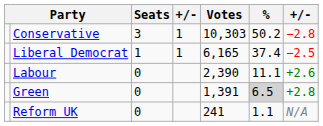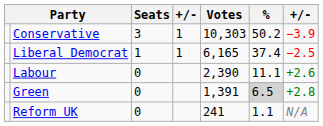 <table class="wikitable sortable">
 <tr>
 <th colspan="2">Party</th>
 <th>Seats</th>
 <th>+/-</th>
 <th>Votes</th>
 <th>%</th>
 <th>+/-</th>
 </tr>
 <tr>
 <td style="background-color: "></td>
 <td><a href='#'>Conservative</a></td>
 <td>3</td>
 <td> 1</td>
 <td>10,303</td>
 <td>50.2</td>
-<td style="color:red">−2.8</td>
+<td style="color:red">−3.9</td>
 </tr>
 <tr>
 <td style="background-color: "></td>
 <td><a href='#'>Liberal Democrat</a></td>
 <td>1</td>
 <td> 1</td>
 <td>6,165</td>
 <td>37.4</td>
 <td style="color:red">−2.5</td>
 </tr>
 <tr>
 <td style="background-color: "></td>
 <td><a href='#'>Labour</a></td>
 <td>0</td>
 <td></td>
 <td>2,390</td>
 <td>11.1</td>
 <td style="color:green">+2.6</td>
 </tr>
 <tr>
 <td style="background-color: "></td>
 <td><a href='#'>Green</a></td>
 <td>0</td>
 <td></td>
 <td>1,391</td>
 <td style="background: lightgrey;">6.5</td>
 <td style="color:green">+2.8</td>
 </tr>
 <tr>
 <td style="background-color: "></td>
 <td><a href='#'>Reform UK</a></td>
 <td>0</td>
 <td></td>
 <td>241</td>
 <td>1.1</td>
 <td style="color:grey"><em>N/A</em></td>
 </tr>
 </table>
